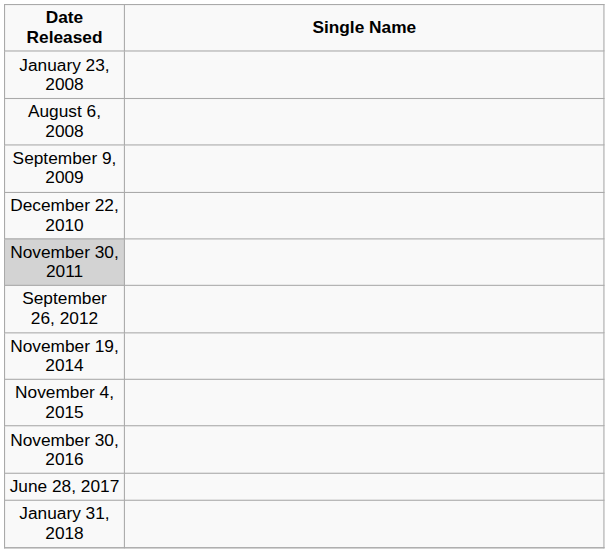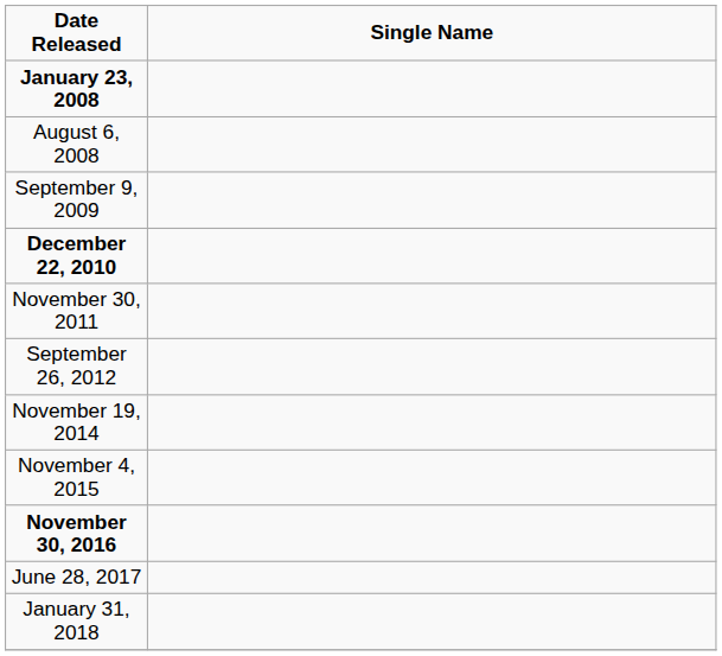 <table class="wikitable" style="text-align:center; width:44%">
 <tr>
 <td style="width:20%;"><strong>Date Released</strong></td>
 <td style="width:80%;"><strong>Single Name</strong></td>
 </tr>
 <tr>
-<td>January 23, 2008</td>
+<td><strong>January 23, 2008</strong></td>
 <td></td>
 </tr>
 <tr>
 <td>August 6, 2008</td>
 <td></td>
 </tr>
 <tr>
 <td>September 9, 2009</td>
 <td></td>
 </tr>
 <tr>
-<td>December 22, 2010</td>
+<td><strong>December 22, 2010</strong></td>
 <td></td>
 </tr>
 <tr>
-<td style="background: lightgrey;">November 30, 2011</td>
+<td>November 30, 2011</td>
 <td></td>
 </tr>
 <tr>
 <td>September 26, 2012</td>
 <td></td>
 </tr>
 <tr>
 <td>November 19, 2014</td>
 <td></td>
 </tr>
 <tr>
 <td>November 4, 2015</td>
 <td></td>
 </tr>
 <tr>
-<td>November 30, 2016</td>
+<td><strong>November 30, 2016</strong></td>
 <td></td>
 </tr>
 <tr>
 <td>June 28, 2017</td>
 <td></td>
 </tr>
 <tr>
 <td>January 31, 2018</td>
 <td></td>
 </tr>
 <tr>
 </tr>
 </table>
